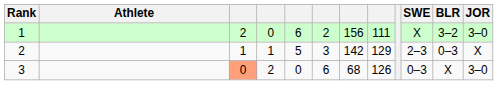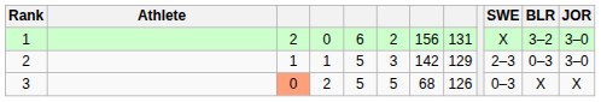 <table class="wikitable" style="text-align:center">
 <tr>
 <th>Rank</th>
 <th width=250>Athlete</th>
 <th width=30></th>
 <th width=30></th>
 <th width=30></th>
 <th width=30></th>
 <th width=30></th>
 <th width=30></th>
 <th rowspan=4></th>
 <th width=30>SWE</th>
 <th width=30>BLR</th>
 <th width=30>JOR</th>
 </tr>
 <tr style="background-color:#ccffcc;">
 <td>1</td>
 <td align=left></td>
 <td>2</td>
 <td>0</td>
 <td>6</td>
 <td>2</td>
 <td>156</td>
-<td>111</td>
+<td>131</td>
 <td>X</td>
 <td>3–2</td>
 <td>3–0</td>
 </tr>
 <tr>
 <td>2</td>
 <td align=left></td>
 <td>1</td>
 <td>1</td>
 <td>5</td>
 <td>3</td>
 <td>142</td>
 <td>129</td>
 <td>2–3</td>
 <td>0–3</td>
-<td>X</td>
+<td>3–0</td>
 </tr>
 <tr>
 <td>3</td>
 <td align=left></td>
 <td style="background: lightsalmon;">0</td>
 <td>2</td>
-<td>0</td>
-<td>6</td>
+<td>5</td>
+<td>5</td>
 <td>68</td>
 <td>126</td>
 <td>0–3</td>
 <td>X</td>
-<td>3–0</td>
+<td>X</td>
 </tr>
 </table>
